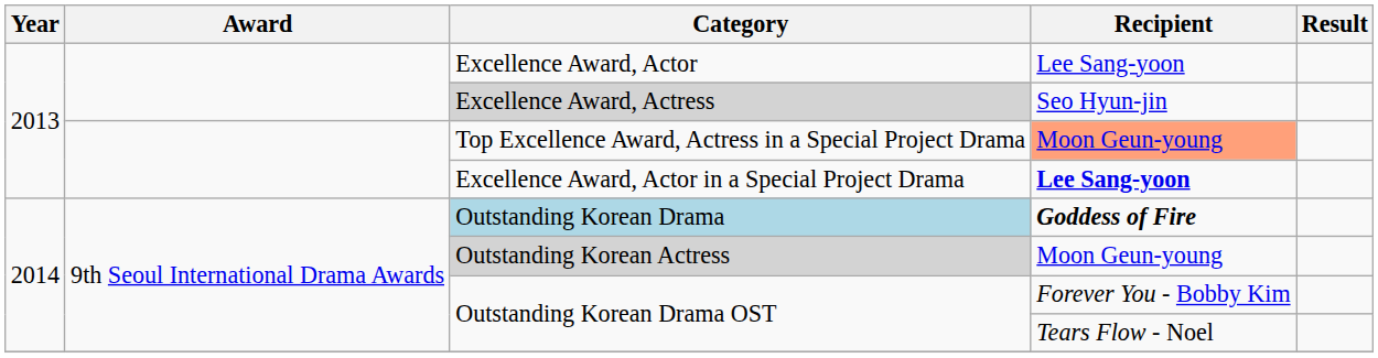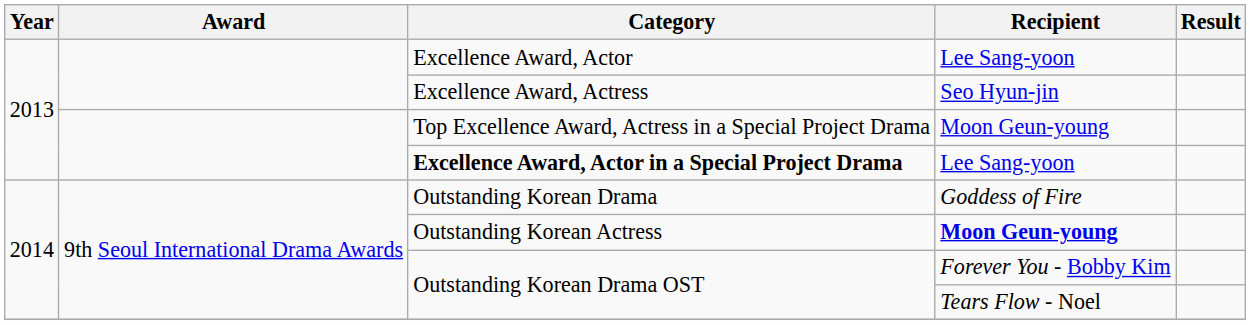 <table class="wikitable">
 <tr>
 <th>Year</th>
 <th>Award</th>
 <th>Category</th>
 <th>Recipient</th>
 <th>Result</th>
 </tr>
 <tr>
 <td rowspan=4>2013</td>
 <td rowspan=2></td>
 <td>Excellence Award, Actor</td>
 <td><a href='#'>Lee Sang-yoon</a></td>
 <td></td>
 </tr>
 <tr>
-<td style="background: lightgrey;">Excellence Award, Actress</td>
+<td>Excellence Award, Actress</td>
 <td><a href='#'>Seo Hyun-jin</a></td>
 <td></td>
 </tr>
 <tr>
 <td rowspan=2></td>
 <td>Top Excellence Award, Actress in a Special Project Drama</td>
-<td style="background: lightsalmon;"><a href='#'>Moon Geun-young</a></td>
+<td><a href='#'>Moon Geun-young</a></td>
 <td></td>
 </tr>
 <tr>
-<td>Excellence Award, Actor in a Special Project Drama</td>
-<td><strong><a href='#'>Lee Sang-yoon</a></strong></td>
+<td><strong>Excellence Award, Actor in a Special Project Drama</strong></td>
+<td><a href='#'>Lee Sang-yoon</a></td>
 <td></td>
 </tr>
 <tr>
 <td rowspan=4>2014</td>
 <td rowspan=4 style="text-align:center;">9th <a href='#'>Seoul International Drama Awards</a></td>
-<td style="background: lightblue;">Outstanding Korean Drama</td>
-<td><strong><em>Goddess of Fire</em></strong></td>
+<td>Outstanding Korean Drama</td>
+<td><em>Goddess of Fire</em></td>
 <td></td>
 </tr>
 <tr>
-<td style="background: lightgrey;">Outstanding Korean Actress</td>
-<td><a href='#'>Moon Geun-young</a></td>
+<td>Outstanding Korean Actress</td>
+<td><strong><a href='#'>Moon Geun-young</a></strong></td>
 <td></td>
 </tr>
 <tr>
 <td rowspan=2>Outstanding Korean Drama OST</td>
 <td><em>Forever You</em> - <a href='#'>Bobby Kim</a></td>
 <td></td>
 </tr>
 <tr>
 <td><em>Tears Flow</em> - Noel</td>
 <td></td>
 </tr>
 <tr>
 </tr>
 </table>
